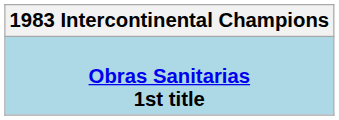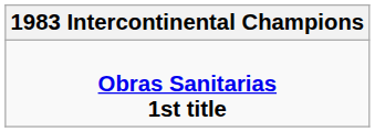 <table class=wikitable style="text-align:center; margin:auto">
 <tr>
 <th>1983 Intercontinental Champions</th>
 </tr>
 <tr>
-<td style="background: lightblue;"><br> <strong><a href='#'>Obras Sanitarias</a></strong> <br> <strong>1st title</strong></td>
+<td><br> <strong><a href='#'>Obras Sanitarias</a></strong> <br> <strong>1st title</strong></td>
 </tr>
 </table>
